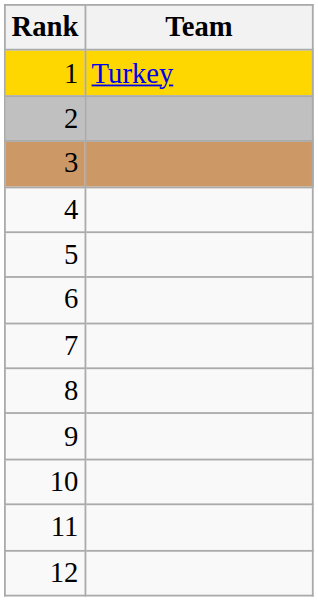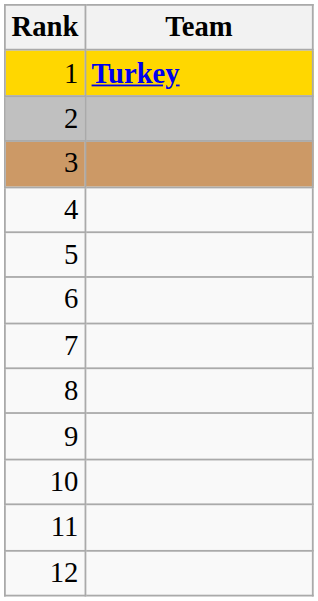 <table class=wikitable>
 <tr>
 <th width=20>Rank</th>
 <th width=120>Team</th>
 </tr>
 <tr bgcolor=gold>
 <td align=right>1</td>
-<td> <a href='#'>Turkey</a></td>
+<td><strong> <a href='#'>Turkey</a></strong></td>
 </tr>
 <tr bgcolor=silver>
 <td align=right>2</td>
 <td></td>
 </tr>
 <tr bgcolor=#c96>
 <td align=right>3</td>
 <td></td>
 </tr>
 <tr>
 <td align=right>4</td>
 <td></td>
 </tr>
 <tr>
 <td align=right>5</td>
 <td></td>
 </tr>
 <tr>
 <td align=right>6</td>
 <td></td>
 </tr>
 <tr>
 <td align=right>7</td>
 <td></td>
 </tr>
 <tr>
 <td align=right>8</td>
 <td></td>
 </tr>
 <tr>
 <td align=right>9</td>
 <td></td>
 </tr>
 <tr>
 <td align=right>10</td>
 <td></td>
 </tr>
 <tr>
 <td align=right>11</td>
 <td></td>
 </tr>
 <tr>
 <td align=right>12</td>
 <td></td>
 </tr>
 </table>
